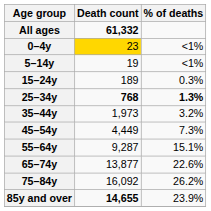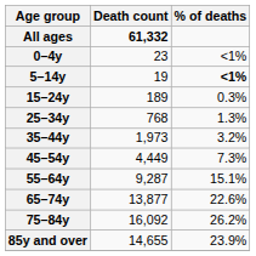 <table class="wikitable" style="text-align:right; font-size:90%">
 <tr>
 <th>Age group</th>
 <th>Death count</th>
 <th>% of deaths</th>
 </tr>
 <tr style="font-weight:bold;">
 <th>All ages</th>
 <td>61,332</td>
 <td></td>
 </tr>
 <tr>
 <th>0–4y</th>
-<td style="background: gold;">23</td>
+<td>23</td>
 <td><1%</td>
 </tr>
 <tr>
 <th>5–14y</th>
 <td>19</td>
-<td><1%</td>
+<td><strong><1%</strong></td>
 </tr>
 <tr>
 <th>15–24y</th>
 <td>189</td>
 <td>0.3%</td>
 </tr>
 <tr>
 <th>25–34y</th>
-<td><strong>768</strong></td>
-<td><strong>1.3%</strong></td>
+<td>768</td>
+<td>1.3%</td>
 </tr>
 <tr>
 <th>35–44y</th>
 <td>1,973</td>
 <td>3.2%</td>
 </tr>
 <tr>
 <th>45–54y</th>
 <td>4,449</td>
 <td>7.3%</td>
 </tr>
 <tr>
 <th>55–64y</th>
 <td>9,287</td>
 <td>15.1%</td>
 </tr>
 <tr>
 <th>65–74y</th>
 <td>13,877</td>
 <td>22.6%</td>
 </tr>
 <tr>
 <th>75–84y</th>
 <td>16,092</td>
 <td>26.2%</td>
 </tr>
 <tr>
 <th>85y and over</th>
-<td><strong>14,655</strong></td>
+<td>14,655</td>
 <td>23.9%</td>
 </tr>
 <tr>
 </tr>
 </table>
